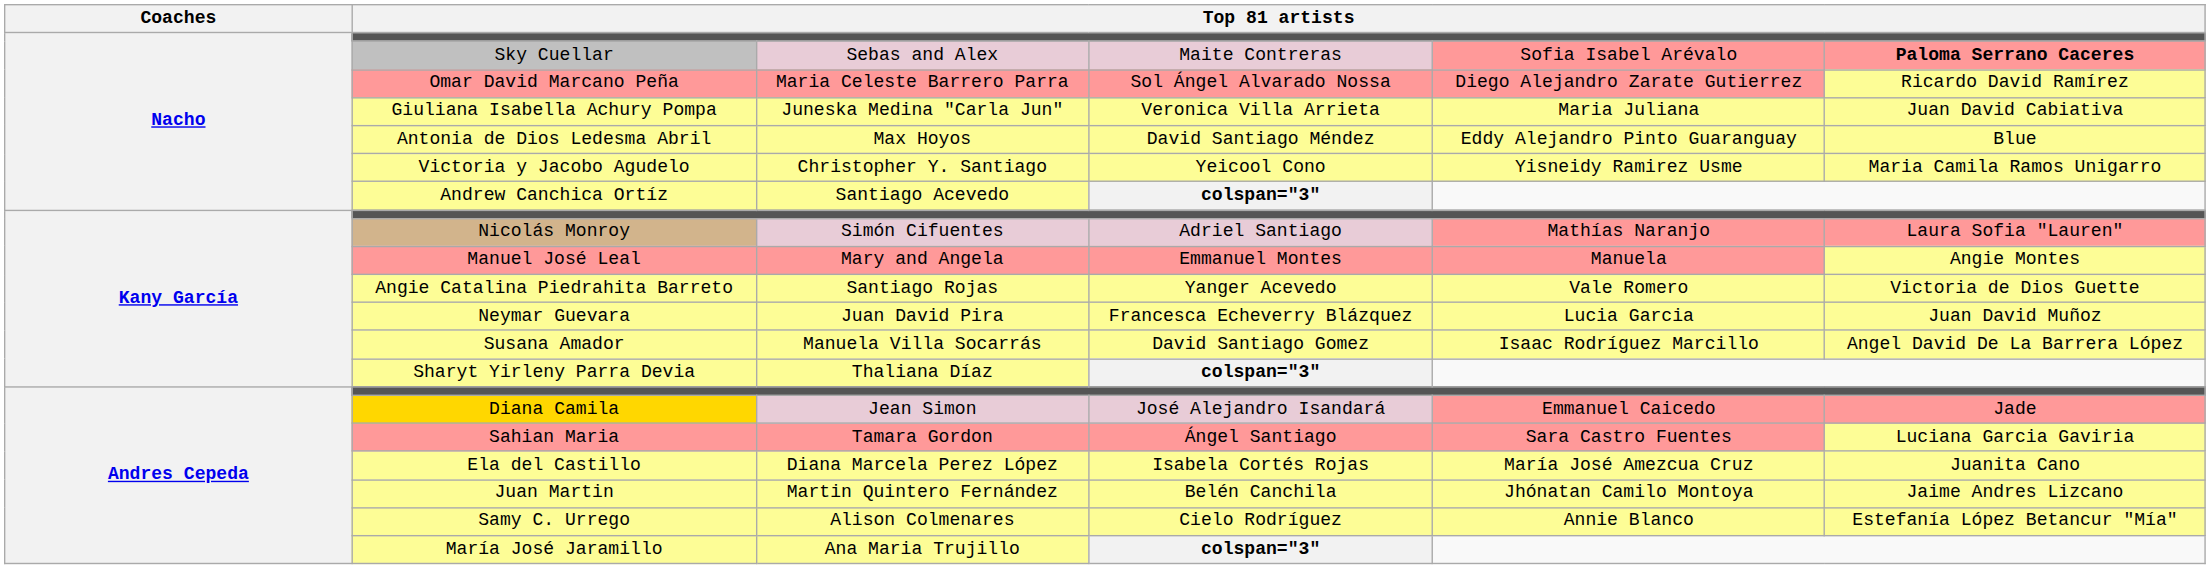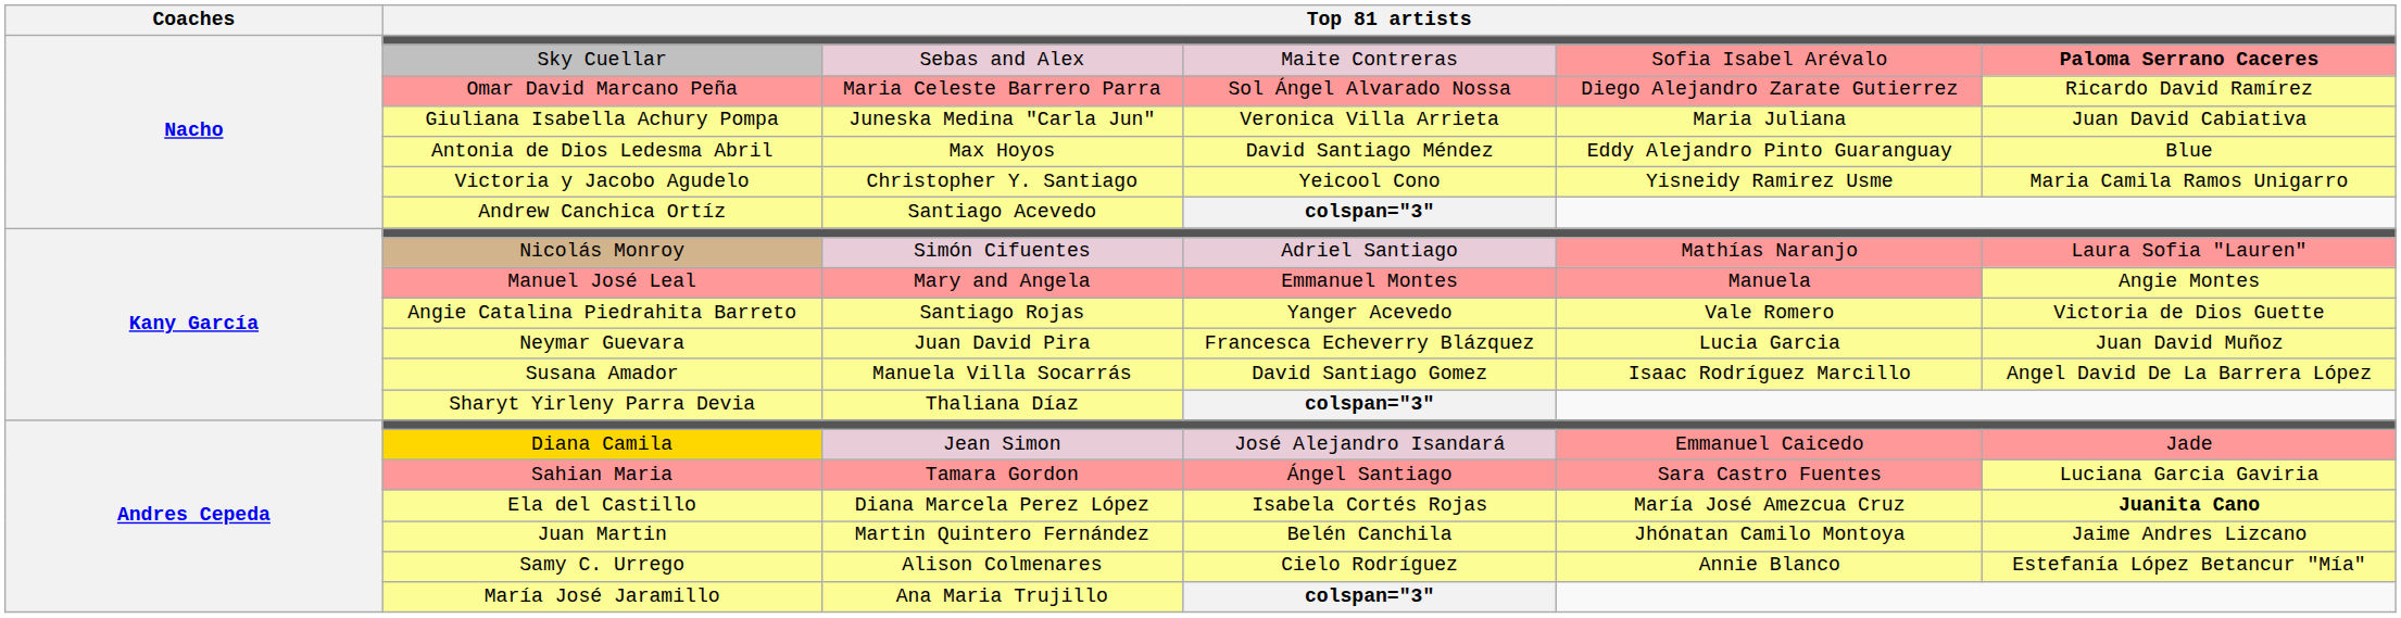 <table class="wikitable" style="text-align:center; line-height:14px; width:100%">
 <tr>
 <th scope="col" width="15%">Coaches</th>
 <th scope="col" width="80%" colspan="6">Top 81 artists</th>
 </tr>
 <tr>
 <th rowspan="7"><a href='#'>Nacho</a></th>
 <td colspan="5" style="background:#555555"></td>
 </tr>
 <tr>
 <td bgcolor="silver">Sky Cuellar</td>
 <td bgcolor="#E8CCD7">Sebas and Alex</td>
 <td bgcolor="#E8CCD7">Maite Contreras</td>
 <td bgcolor="#FF9999">Sofia Isabel Arévalo</td>
 <td bgcolor="#FF9999"><strong>Paloma Serrano Caceres</strong></td>
 </tr>
 <tr>
 <td bgcolor="#FF9999">Omar David Marcano Peña</td>
 <td bgcolor="#FF9999">Maria Celeste Barrero Parra</td>
 <td bgcolor="#FF9999">Sol Ángel Alvarado Nossa</td>
 <td bgcolor="#FF9999">Diego Alejandro Zarate Gutierrez</td>
 <td style="background:#FDFD96">Ricardo David Ramírez</td>
 </tr>
 <tr>
 <td style="background:#FDFD96">Giuliana Isabella Achury Pompa</td>
 <td style="background:#FDFD96">Juneska Medina "Carla Jun"</td>
 <td style="background:#FDFD96">Veronica Villa Arrieta</td>
 <td style="background:#FDFD96">Maria Juliana</td>
 <td style="background:#FDFD96">Juan David Cabiativa</td>
 </tr>
 <tr>
 <td style="background:#FDFD96">Antonia de Dios Ledesma Abril</td>
 <td style="background:#FDFD96">Max Hoyos</td>
 <td style="background:#FDFD96">David Santiago Méndez</td>
 <td style="background:#FDFD96">Eddy Alejandro Pinto Guaranguay</td>
 <td style="background:#FDFD96">Blue</td>
 </tr>
 <tr>
 <td style="background:#FDFD96">Victoria y Jacobo Agudelo</td>
 <td style="background:#FDFD96">Christopher Y. Santiago</td>
 <td style="background:#FDFD96">Yeicool Cono</td>
 <td style="background:#FDFD96">Yisneidy Ramirez Usme</td>
 <td style="background:#FDFD96">Maria Camila Ramos Unigarro</td>
 </tr>
 <tr>
 <td style="background:#FDFD96">Andrew Canchica Ortíz</td>
 <td style="background:#FDFD96">Santiago Acevedo</td>
 <th>colspan="3" </th>
 </tr>
 <tr>
 <th rowspan="7"><a href='#'>Kany García</a></th>
 <td colspan="5" style="background:#555"></td>
 </tr>
 <tr>
 <td bgcolor="tan">Nicolás Monroy</td>
 <td bgcolor="#E8CCD7">Simón Cifuentes</td>
 <td bgcolor="#E8CCD7">Adriel Santiago</td>
 <td bgcolor="#FF9999">Mathías Naranjo</td>
 <td bgcolor="#FF9999">Laura Sofia "Lauren"</td>
 </tr>
 <tr>
 <td bgcolor="#FF9999">Manuel José Leal</td>
 <td bgcolor="#FF9999">Mary and Angela</td>
 <td bgcolor="#FF9999">Emmanuel Montes</td>
 <td bgcolor="#FF9999">Manuela</td>
 <td style="background:#FDFD96">Angie Montes</td>
 </tr>
 <tr>
 <td style="background:#FDFD96">Angie Catalina Piedrahita Barreto</td>
 <td style="background:#FDFD96">Santiago Rojas</td>
 <td style="background:#FDFD96">Yanger Acevedo</td>
 <td style="background:#FDFD96">Vale Romero</td>
 <td style="background:#FDFD96">Victoria de Dios Guette</td>
 </tr>
 <tr>
 <td style="background:#FDFD96">Neymar Guevara</td>
 <td style="background:#FDFD96">Juan David Pira</td>
 <td style="background:#FDFD96">Francesca Echeverry Blázquez</td>
 <td style="background:#FDFD96">Lucia Garcia</td>
 <td style="background:#FDFD96">Juan David Muñoz</td>
 </tr>
 <tr>
 <td style="background:#FDFD96">Susana Amador</td>
 <td style="background:#FDFD96">Manuela Villa Socarrás</td>
 <td style="background:#FDFD96">David Santiago Gomez</td>
 <td style="background:#FDFD96">Isaac Rodríguez Marcillo</td>
 <td style="background:#FDFD96">Angel David De La Barrera López</td>
 </tr>
 <tr>
 <td style="background:#FDFD96">Sharyt Yirleny Parra Devia</td>
 <td style="background:#FDFD96">Thaliana Díaz</td>
 <th>colspan="3" </th>
 </tr>
 <tr>
 <th rowspan="7"><a href='#'>Andres Cepeda</a></th>
 <td colspan="5" style="background:#555"></td>
 </tr>
 <tr>
 <td bgcolor="gold">Diana Camila</td>
 <td bgcolor="#E8CCD7">Jean Simon</td>
 <td bgcolor="#E8CCD7">José Alejandro Isandará</td>
 <td bgcolor="#FF9999">Emmanuel Caicedo</td>
 <td bgcolor="#FF9999">Jade</td>
 </tr>
 <tr>
 <td bgcolor="#FF9999">Sahian Maria</td>
 <td bgcolor="#FF9999">Tamara Gordon</td>
 <td bgcolor="#FF9999">Ángel Santiago</td>
 <td bgcolor="#FF9999">Sara Castro Fuentes</td>
 <td style="background:#FDFD96">Luciana Garcia Gaviria</td>
 </tr>
 <tr>
 <td style="background:#FDFD96">Ela del Castillo</td>
 <td style="background:#FDFD96">Diana Marcela Perez López</td>
 <td style="background:#FDFD96">Isabela Cortés Rojas</td>
 <td style="background:#FDFD96">María José Amezcua Cruz</td>
-<td style="background:#FDFD96">Juanita Cano</td>
+<td style="background:#FDFD96"><strong>Juanita Cano</strong></td>
 </tr>
 <tr>
 <td style="background:#FDFD96">Juan Martin</td>
 <td style="background:#FDFD96">Martin Quintero Fernández</td>
 <td style="background:#FDFD96">Belén Canchila</td>
 <td style="background:#FDFD96">Jhónatan Camilo Montoya</td>
 <td style="background:#FDFD96">Jaime Andres Lizcano</td>
 </tr>
 <tr>
 <td style="background:#FDFD96">Samy C. Urrego</td>
 <td style="background:#FDFD96">Alison Colmenares</td>
 <td style="background:#FDFD96">Cielo Rodríguez</td>
 <td style="background:#FDFD96">Annie Blanco</td>
 <td style="background:#FDFD96">Estefanía López Betancur "Mía"</td>
 </tr>
 <tr>
 <td style="background:#FDFD96">María José Jaramillo</td>
 <td style="background:#FDFD96">Ana Maria Trujillo</td>
 <th>colspan="3" </th>
 </tr>
 </table>
